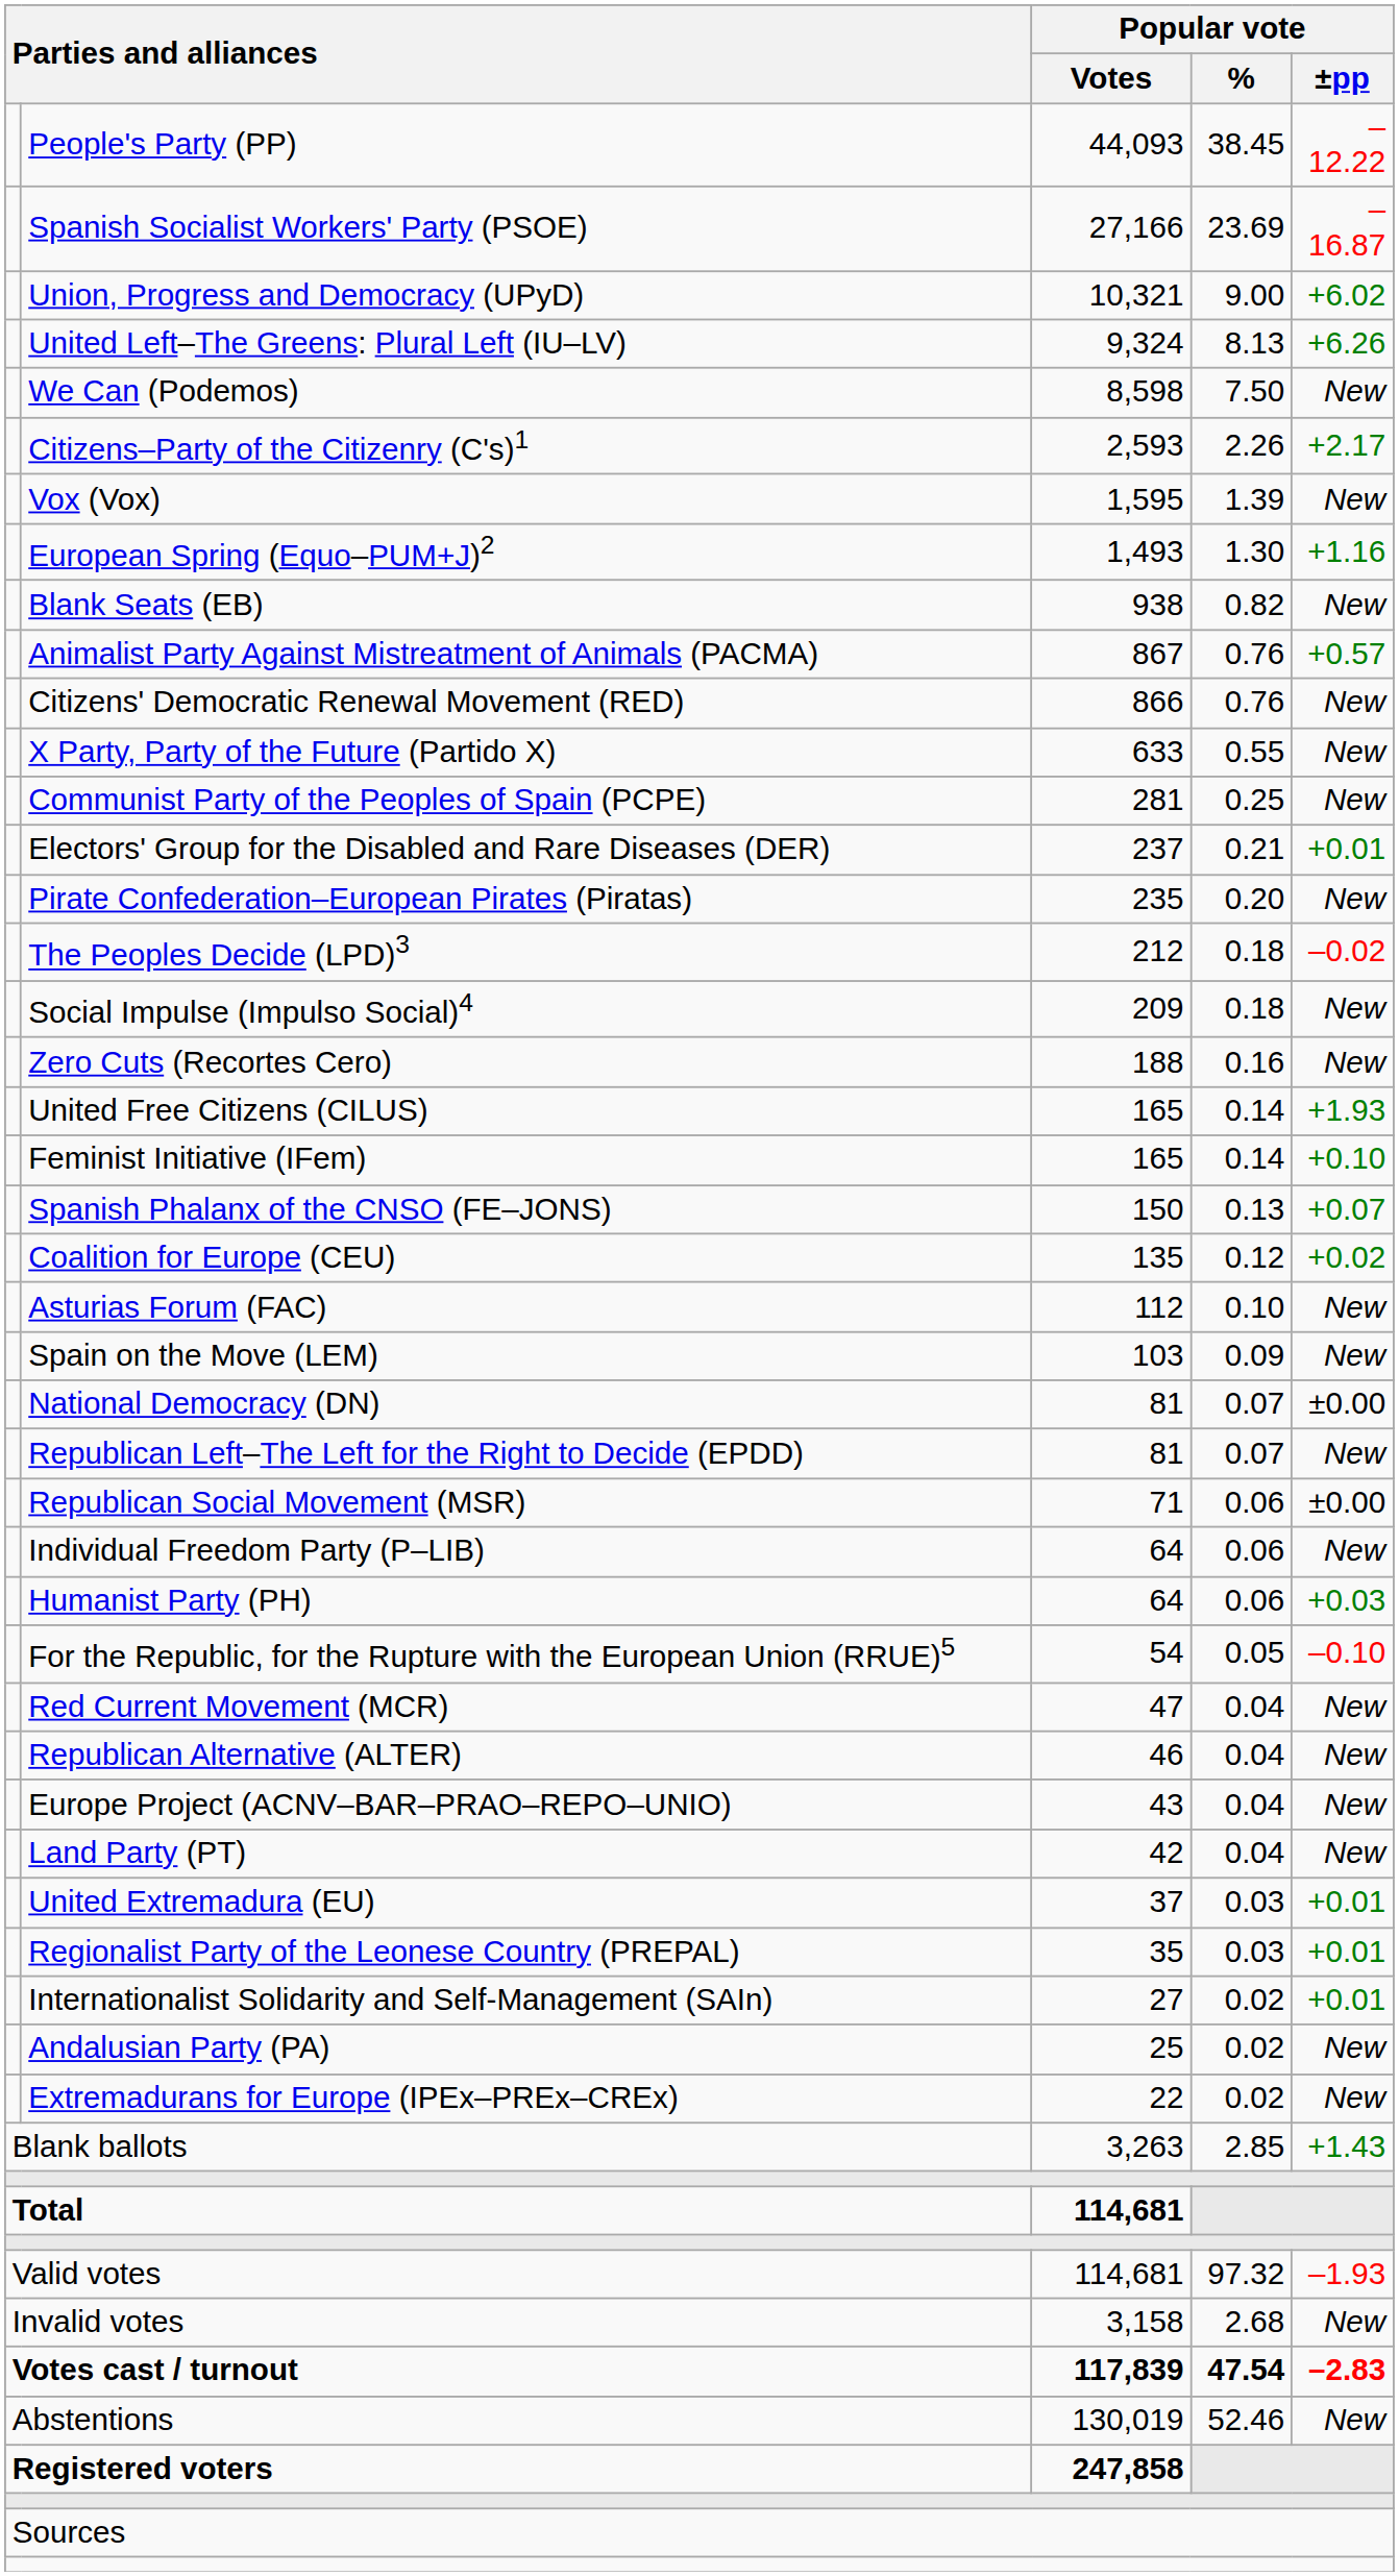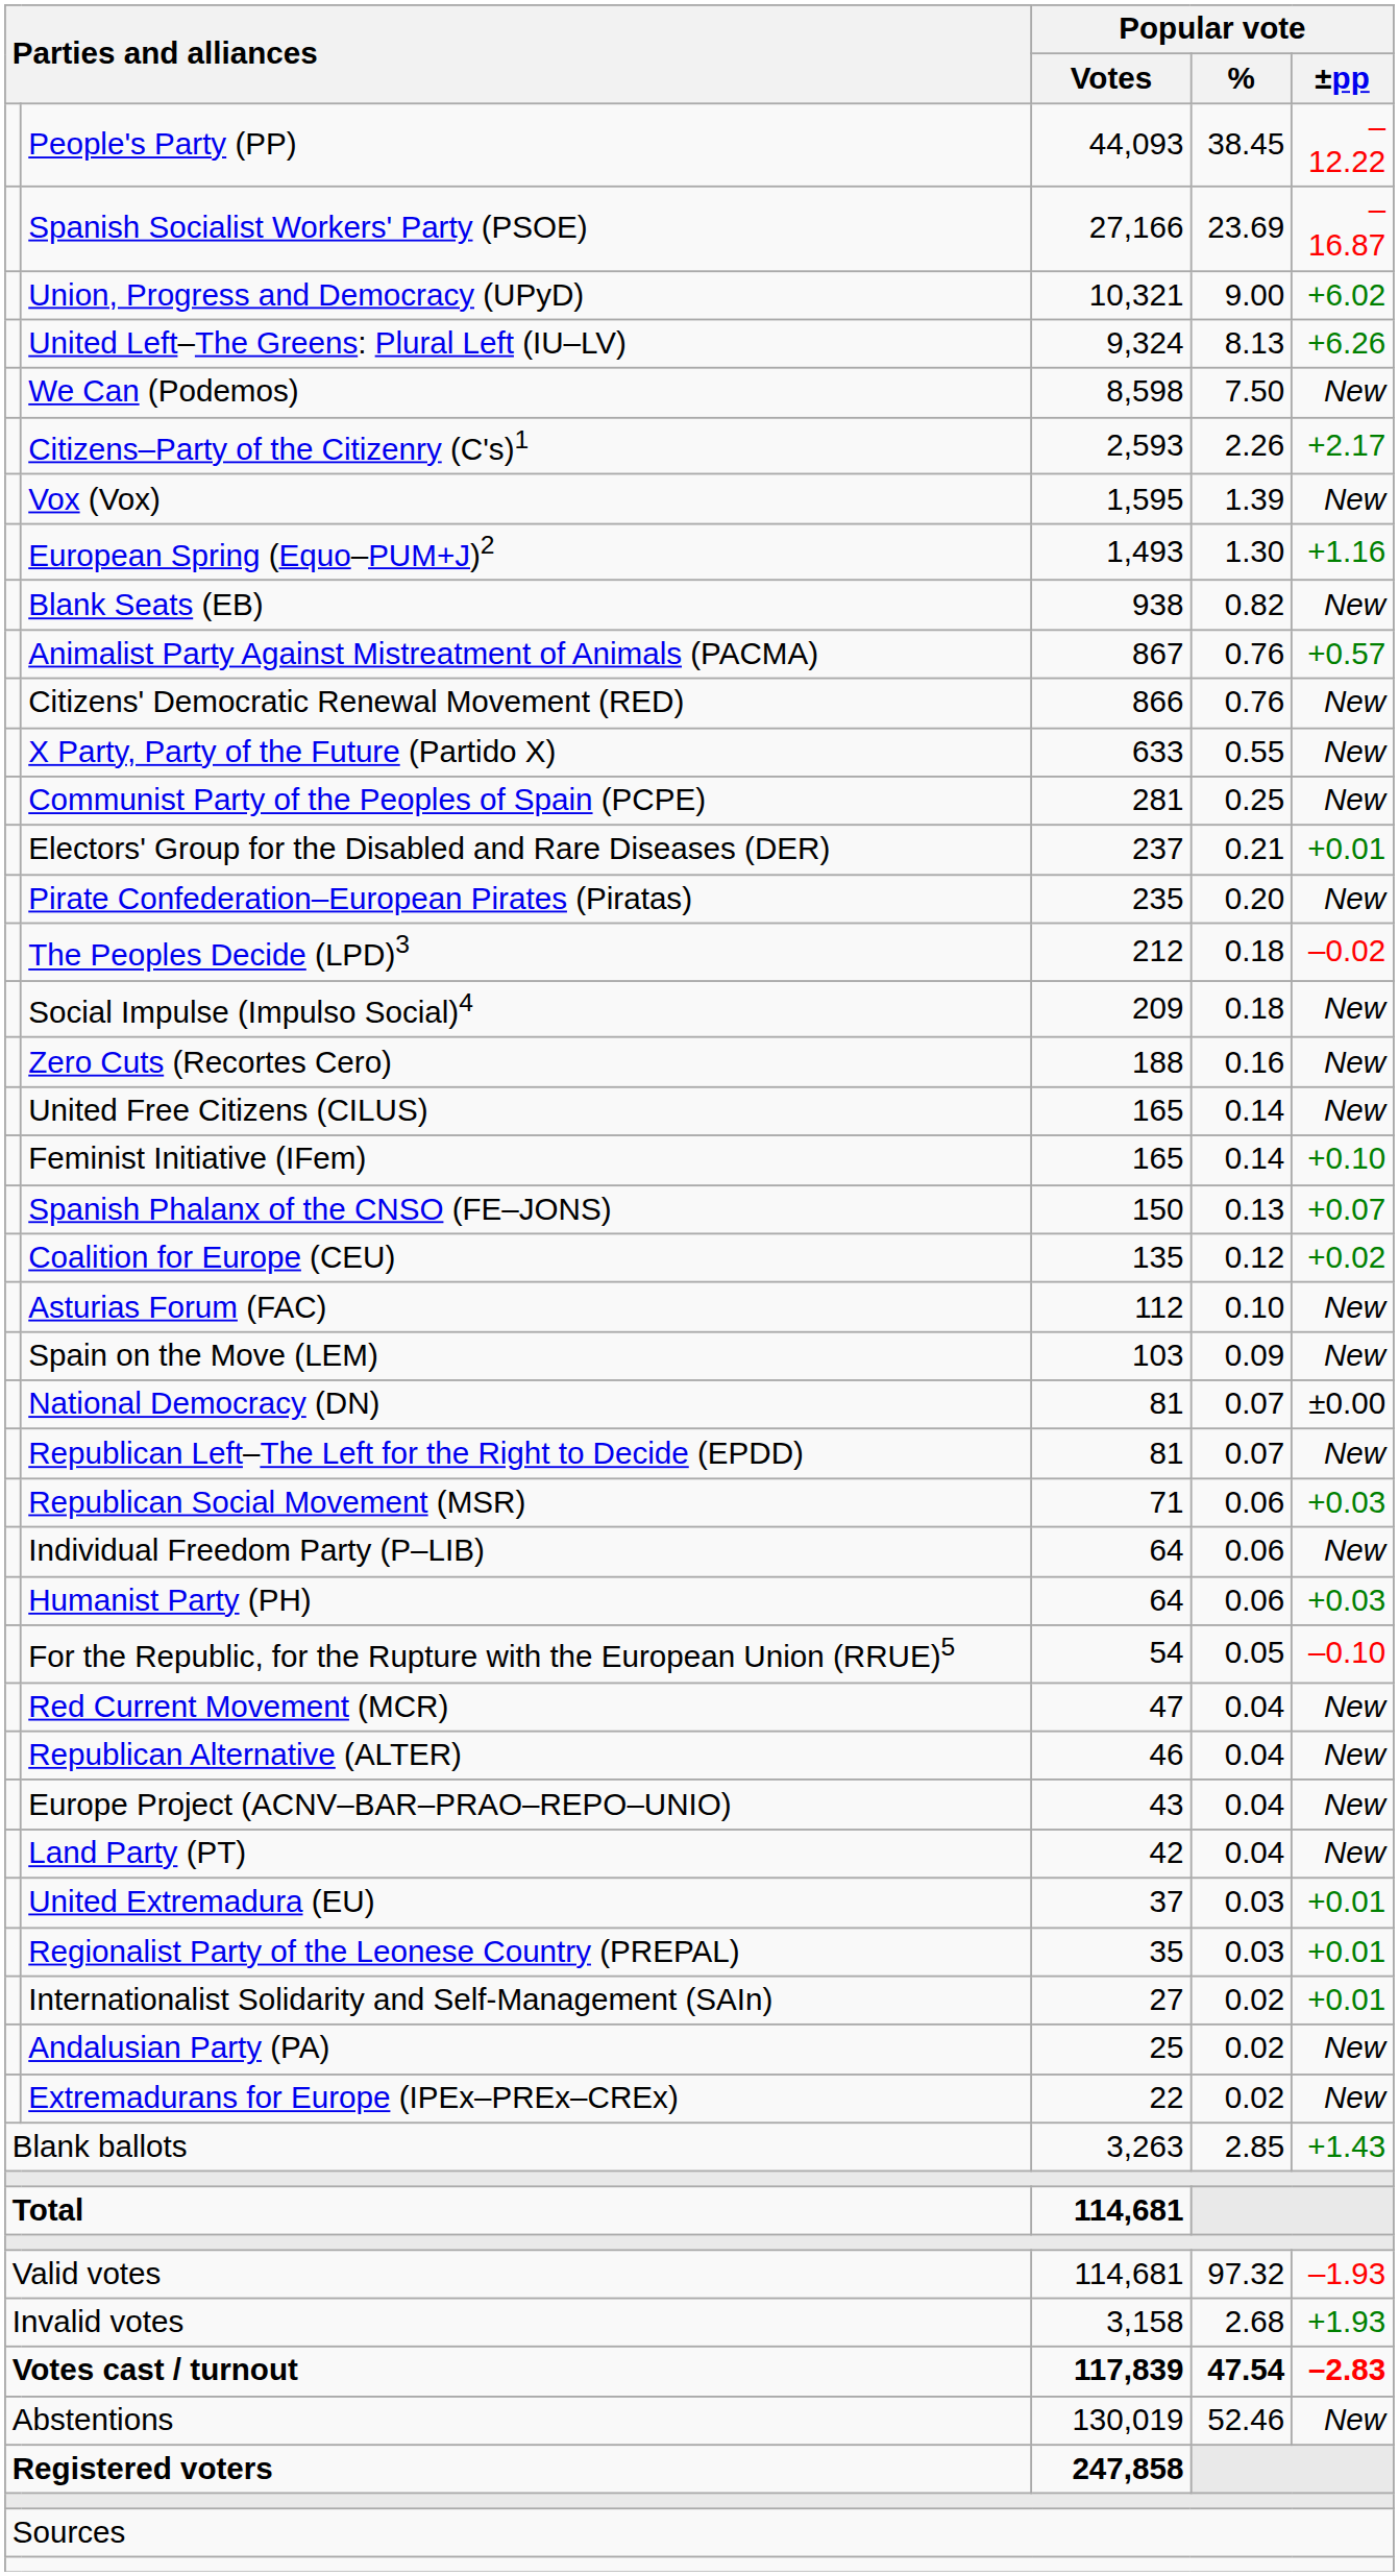 <table class="wikitable" style="text-align:right">
 <tr>
 <th style="text-align:left;" rowspan="2" colspan="2" width="525">Parties and alliances</th>
 <th colspan="3">Popular vote</th>
 </tr>
 <tr>
 <th width="75">Votes</th>
 <th width="45">%</th>
 <th width="45">±<a href='#'>pp</a></th>
 </tr>
 <tr>
 <td width="1" style="color:inherit;background:"></td>
 <td align="left"><a href='#'>People's Party</a> (PP)</td>
 <td>44,093</td>
 <td>38.45</td>
 <td style="color:red;">–12.22</td>
 </tr>
 <tr>
 <td style="color:inherit;background:"></td>
 <td align="left"><a href='#'>Spanish Socialist Workers' Party</a> (PSOE)</td>
 <td>27,166</td>
 <td>23.69</td>
 <td style="color:red;">–16.87</td>
 </tr>
 <tr>
 <td style="color:inherit;background:"></td>
 <td align="left"><a href='#'>Union, Progress and Democracy</a> (UPyD)</td>
 <td>10,321</td>
 <td>9.00</td>
 <td style="color:green;">+6.02</td>
 </tr>
 <tr>
 <td style="color:inherit;background:"></td>
 <td align="left"><a href='#'>United Left</a>–<a href='#'>The Greens</a>: <a href='#'>Plural Left</a> (IU–LV)</td>
 <td>9,324</td>
 <td>8.13</td>
 <td style="color:green;">+6.26</td>
 </tr>
 <tr>
 <td style="color:inherit;background:"></td>
 <td align="left"><a href='#'>We Can</a> (Podemos)</td>
 <td>8,598</td>
 <td>7.50</td>
 <td><em>New</em></td>
 </tr>
 <tr>
 <td style="color:inherit;background:"></td>
 <td align="left"><a href='#'>Citizens–Party of the Citizenry</a> (C's)<sup>1</sup></td>
 <td>2,593</td>
 <td>2.26</td>
 <td style="color:green;">+2.17</td>
 </tr>
 <tr>
 <td style="color:inherit;background:"></td>
 <td align="left"><a href='#'>Vox</a> (Vox)</td>
 <td>1,595</td>
 <td>1.39</td>
 <td><em>New</em></td>
 </tr>
 <tr>
 <td style="color:inherit;background:"></td>
 <td align="left"><a href='#'>European Spring</a> (<a href='#'>Equo</a>–<a href='#'>PUM+J</a>)<sup>2</sup></td>
 <td>1,493</td>
 <td>1.30</td>
 <td style="color:green;">+1.16</td>
 </tr>
 <tr>
 <td style="color:inherit;background:"></td>
 <td align="left"><a href='#'>Blank Seats</a> (EB)</td>
 <td>938</td>
 <td>0.82</td>
 <td><em>New</em></td>
 </tr>
 <tr>
 <td style="color:inherit;background:"></td>
 <td align="left"><a href='#'>Animalist Party Against Mistreatment of Animals</a> (PACMA)</td>
 <td>867</td>
 <td>0.76</td>
 <td style="color:green;">+0.57</td>
 </tr>
 <tr>
 <td style="color:inherit;background:"></td>
 <td align="left">Citizens' Democratic Renewal Movement (RED)</td>
 <td>866</td>
 <td>0.76</td>
 <td><em>New</em></td>
 </tr>
 <tr>
 <td style="color:inherit;background:"></td>
 <td align="left"><a href='#'>X Party, Party of the Future</a> (Partido X)</td>
 <td>633</td>
 <td>0.55</td>
 <td><em>New</em></td>
 </tr>
 <tr>
 <td style="color:inherit;background:"></td>
 <td align="left"><a href='#'>Communist Party of the Peoples of Spain</a> (PCPE)</td>
 <td>281</td>
 <td>0.25</td>
 <td><em>New</em></td>
 </tr>
 <tr>
 <td style="color:inherit;background:"></td>
 <td align="left">Electors' Group for the Disabled and Rare Diseases (DER)</td>
 <td>237</td>
 <td>0.21</td>
 <td style="color:green;">+0.01</td>
 </tr>
 <tr>
 <td style="color:inherit;background:"></td>
 <td align="left"><a href='#'>Pirate Confederation–European Pirates</a> (Piratas)</td>
 <td>235</td>
 <td>0.20</td>
 <td><em>New</em></td>
 </tr>
 <tr>
 <td style="color:inherit;background:"></td>
 <td align="left"><a href='#'>The Peoples Decide</a> (LPD)<sup>3</sup></td>
 <td>212</td>
 <td>0.18</td>
 <td style="color:red;">–0.02</td>
 </tr>
 <tr>
 <td style="color:inherit;background:"></td>
 <td align="left">Social Impulse (Impulso Social)<sup>4</sup></td>
 <td>209</td>
 <td>0.18</td>
 <td><em>New</em></td>
 </tr>
 <tr>
 <td style="color:inherit;background:"></td>
 <td align="left"><a href='#'>Zero Cuts</a> (Recortes Cero)</td>
 <td>188</td>
 <td>0.16</td>
 <td><em>New</em></td>
 </tr>
 <tr>
 <td style="color:inherit;background:"></td>
 <td align="left">United Free Citizens (CILUS)</td>
 <td>165</td>
 <td>0.14</td>
-<td style="color:green;">+1.93</td>
+<td><em>New</em></td>
 </tr>
 <tr>
 <td style="color:inherit;background:"></td>
 <td align="left">Feminist Initiative (IFem)</td>
 <td>165</td>
 <td>0.14</td>
 <td style="color:green;">+0.10</td>
 </tr>
 <tr>
 <td style="color:inherit;background:"></td>
 <td align="left"><a href='#'>Spanish Phalanx of the CNSO</a> (FE–JONS)</td>
 <td>150</td>
 <td>0.13</td>
 <td style="color:green;">+0.07</td>
 </tr>
 <tr>
 <td style="color:inherit;background:"></td>
 <td align="left"><a href='#'>Coalition for Europe</a> (CEU)</td>
 <td>135</td>
 <td>0.12</td>
 <td style="color:green;">+0.02</td>
 </tr>
 <tr>
 <td style="color:inherit;background:"></td>
 <td align="left"><a href='#'>Asturias Forum</a> (FAC)</td>
 <td>112</td>
 <td>0.10</td>
 <td><em>New</em></td>
 </tr>
 <tr>
 <td style="color:inherit;background:"></td>
 <td align="left">Spain on the Move (LEM)</td>
 <td>103</td>
 <td>0.09</td>
 <td><em>New</em></td>
 </tr>
 <tr>
 <td style="color:inherit;background:"></td>
 <td align="left"><a href='#'>National Democracy</a> (DN)</td>
 <td>81</td>
 <td>0.07</td>
 <td>±0.00</td>
 </tr>
 <tr>
 <td style="color:inherit;background:"></td>
 <td align="left"><a href='#'>Republican Left</a>–<a href='#'>The Left for the Right to Decide</a> (EPDD)</td>
 <td>81</td>
 <td>0.07</td>
 <td><em>New</em></td>
 </tr>
 <tr>
 <td style="color:inherit;background:"></td>
 <td align="left"><a href='#'>Republican Social Movement</a> (MSR)</td>
 <td>71</td>
 <td>0.06</td>
-<td>±0.00</td>
+<td style="color:green;">+0.03</td>
 </tr>
 <tr>
 <td style="color:inherit;background:"></td>
 <td align="left">Individual Freedom Party (P–LIB)</td>
 <td>64</td>
 <td>0.06</td>
 <td><em>New</em></td>
 </tr>
 <tr>
 <td style="color:inherit;background:"></td>
 <td align="left"><a href='#'>Humanist Party</a> (PH)</td>
 <td>64</td>
 <td>0.06</td>
 <td style="color:green;">+0.03</td>
 </tr>
 <tr>
 <td style="color:inherit;background:"></td>
 <td align="left">For the Republic, for the Rupture with the European Union (RRUE)<sup>5</sup></td>
 <td>54</td>
 <td>0.05</td>
 <td style="color:red;">–0.10</td>
 </tr>
 <tr>
 <td style="color:inherit;background:"></td>
 <td align="left"><a href='#'>Red Current Movement</a> (MCR)</td>
 <td>47</td>
 <td>0.04</td>
 <td><em>New</em></td>
 </tr>
 <tr>
 <td style="color:inherit;background:"></td>
 <td align="left"><a href='#'>Republican Alternative</a> (ALTER)</td>
 <td>46</td>
 <td>0.04</td>
 <td><em>New</em></td>
 </tr>
 <tr>
 <td style="color:inherit;background:"></td>
 <td align="left">Europe Project (ACNV–BAR–PRAO–REPO–UNIO)</td>
 <td>43</td>
 <td>0.04</td>
 <td><em>New</em></td>
 </tr>
 <tr>
 <td style="color:inherit;background:"></td>
 <td align="left"><a href='#'>Land Party</a> (PT)</td>
 <td>42</td>
 <td>0.04</td>
 <td><em>New</em></td>
 </tr>
 <tr>
 <td style="color:inherit;background:"></td>
 <td align="left"><a href='#'>United Extremadura</a> (EU)</td>
 <td>37</td>
 <td>0.03</td>
 <td style="color:green;">+0.01</td>
 </tr>
 <tr>
 <td style="color:inherit;background:"></td>
 <td align="left"><a href='#'>Regionalist Party of the Leonese Country</a> (PREPAL)</td>
 <td>35</td>
 <td>0.03</td>
 <td style="color:green;">+0.01</td>
 </tr>
 <tr>
 <td style="color:inherit;background:"></td>
 <td align="left">Internationalist Solidarity and Self-Management (SAIn)</td>
 <td>27</td>
 <td>0.02</td>
 <td style="color:green;">+0.01</td>
 </tr>
 <tr>
 <td style="color:inherit;background:"></td>
 <td align="left"><a href='#'>Andalusian Party</a> (PA)</td>
 <td>25</td>
 <td>0.02</td>
 <td><em>New</em></td>
 </tr>
 <tr>
 <td style="color:inherit;background:"></td>
 <td align="left"><a href='#'>Extremadurans for Europe</a> (IPEx–PREx–CREx)</td>
 <td>22</td>
 <td>0.02</td>
 <td><em>New</em></td>
 </tr>
 <tr>
 <td align="left" colspan="2">Blank ballots</td>
 <td>3,263</td>
 <td>2.85</td>
 <td style="color:green;">+1.43</td>
 </tr>
 <tr>
 <td colspan="5" bgcolor="#E9E9E9"></td>
 </tr>
 <tr style="font-weight:bold;">
 <td align="left" colspan="2">Total</td>
 <td>114,681</td>
 <td bgcolor="#E9E9E9" colspan="2"></td>
 </tr>
 <tr>
 <td colspan="5" bgcolor="#E9E9E9"></td>
 </tr>
 <tr>
 <td align="left" colspan="2">Valid votes</td>
 <td>114,681</td>
 <td>97.32</td>
 <td style="color:red;">–1.93</td>
 </tr>
 <tr>
 <td align="left" colspan="2">Invalid votes</td>
 <td>3,158</td>
 <td>2.68</td>
-<td><em>New</em></td>
+<td style="color:green;">+1.93</td>
 </tr>
 <tr style="font-weight:bold;">
 <td align="left" colspan="2">Votes cast / turnout</td>
 <td>117,839</td>
 <td>47.54</td>
 <td style="color:red;">–2.83</td>
 </tr>
 <tr>
 <td align="left" colspan="2">Abstentions</td>
 <td>130,019</td>
 <td>52.46</td>
 <td><em>New</em></td>
 </tr>
 <tr style="font-weight:bold;">
 <td align="left" colspan="2">Registered voters</td>
 <td>247,858</td>
 <td bgcolor="#E9E9E9" colspan="2"></td>
 </tr>
 <tr>
 <td colspan="5" bgcolor="#E9E9E9"></td>
 </tr>
 <tr>
 <td align="left" colspan="5">Sources</td>
 </tr>
 <tr>
 <td colspan="5" style="text-align:left; max-width:680px;"></td>
 </tr>
 </table>
